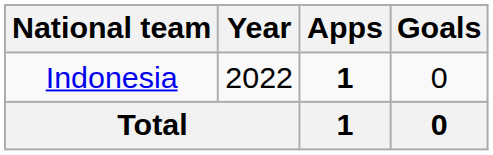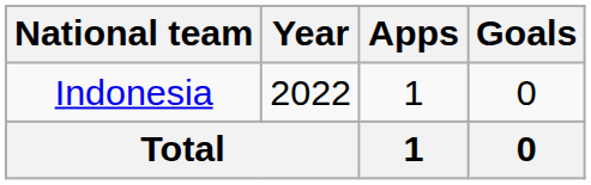 <table class=wikitable style=text-align:center>
 <tr>
 <th>National team</th>
 <th>Year</th>
 <th>Apps</th>
 <th>Goals</th>
 </tr>
 <tr>
 <td rowspan="1"><a href='#'>Indonesia</a></td>
 <td>2022</td>
-<td><strong>1</strong></td>
+<td>1</td>
 <td>0</td>
 </tr>
 <tr>
 <th colspan=2>Total</th>
 <th>1</th>
 <th>0</th>
 </tr>
 </table>
